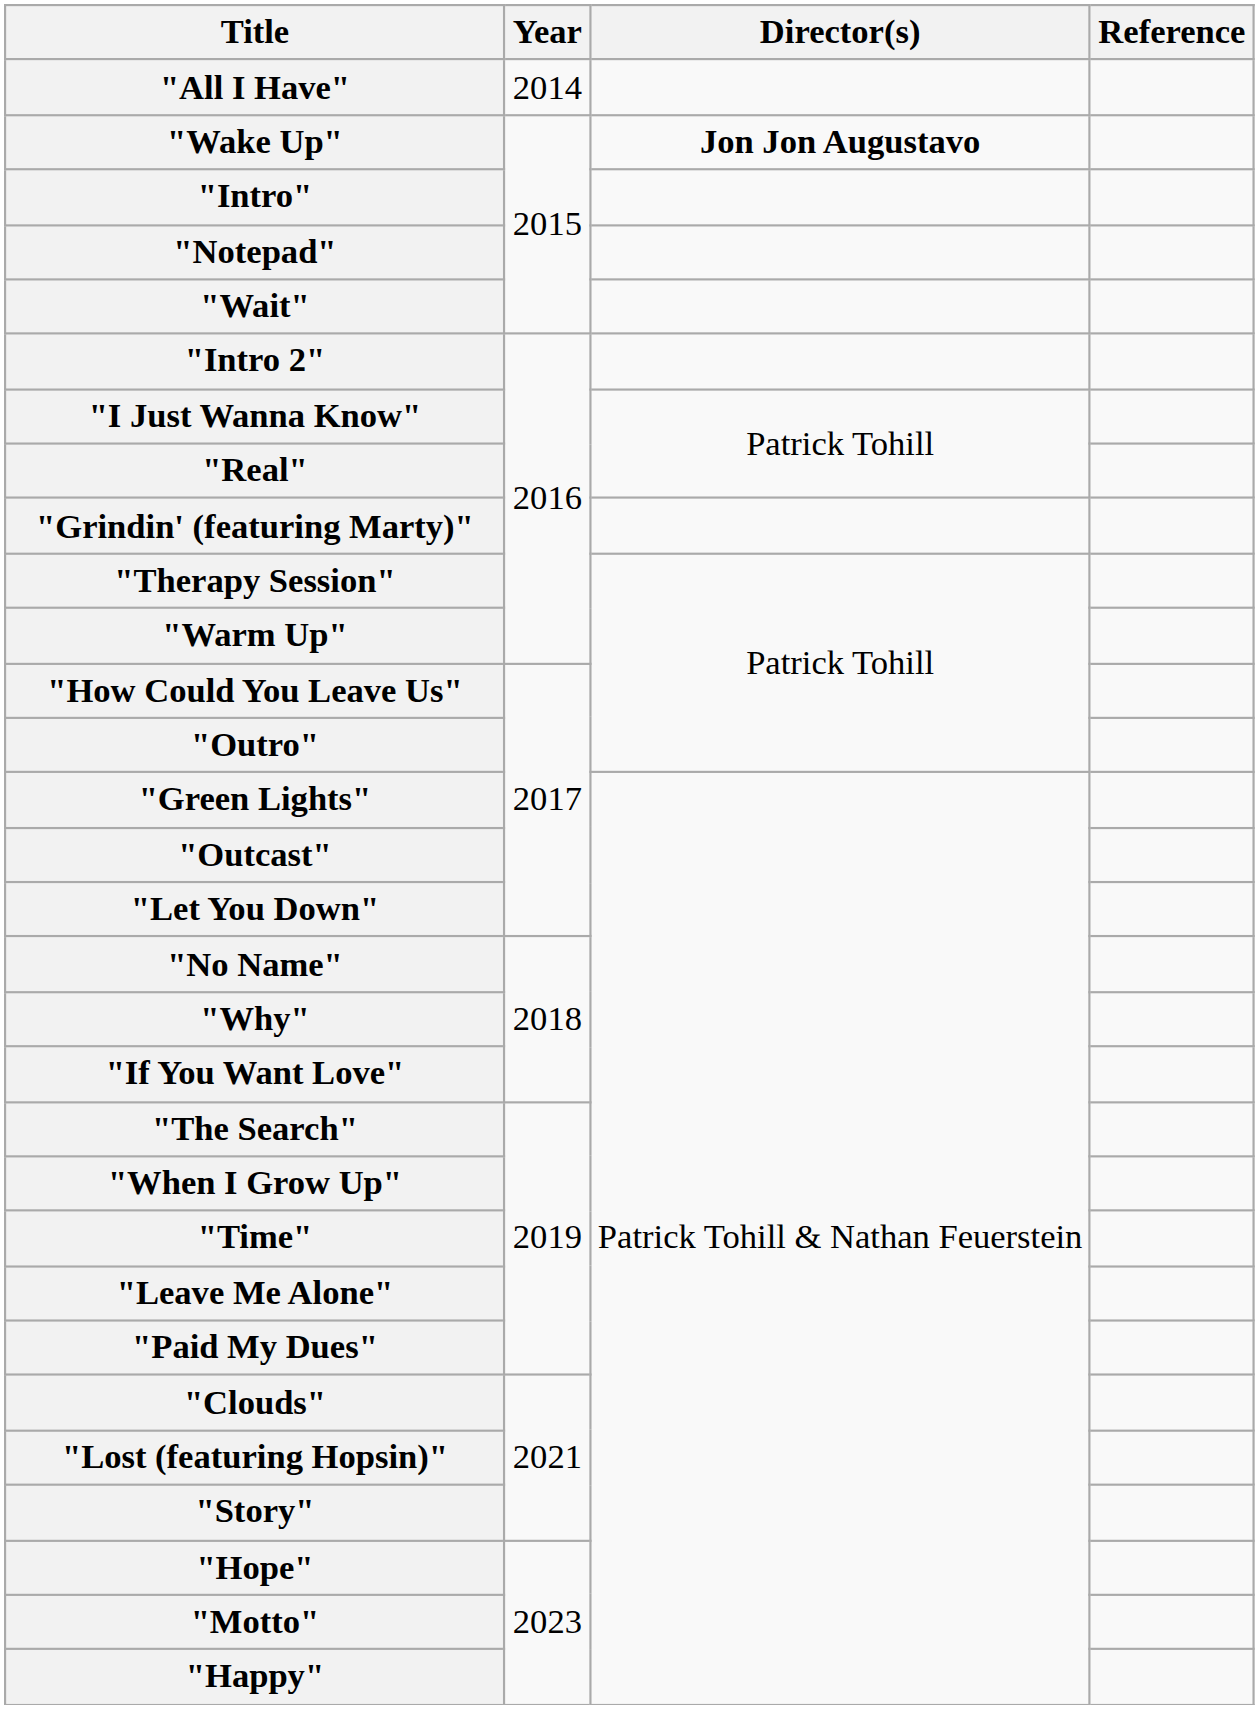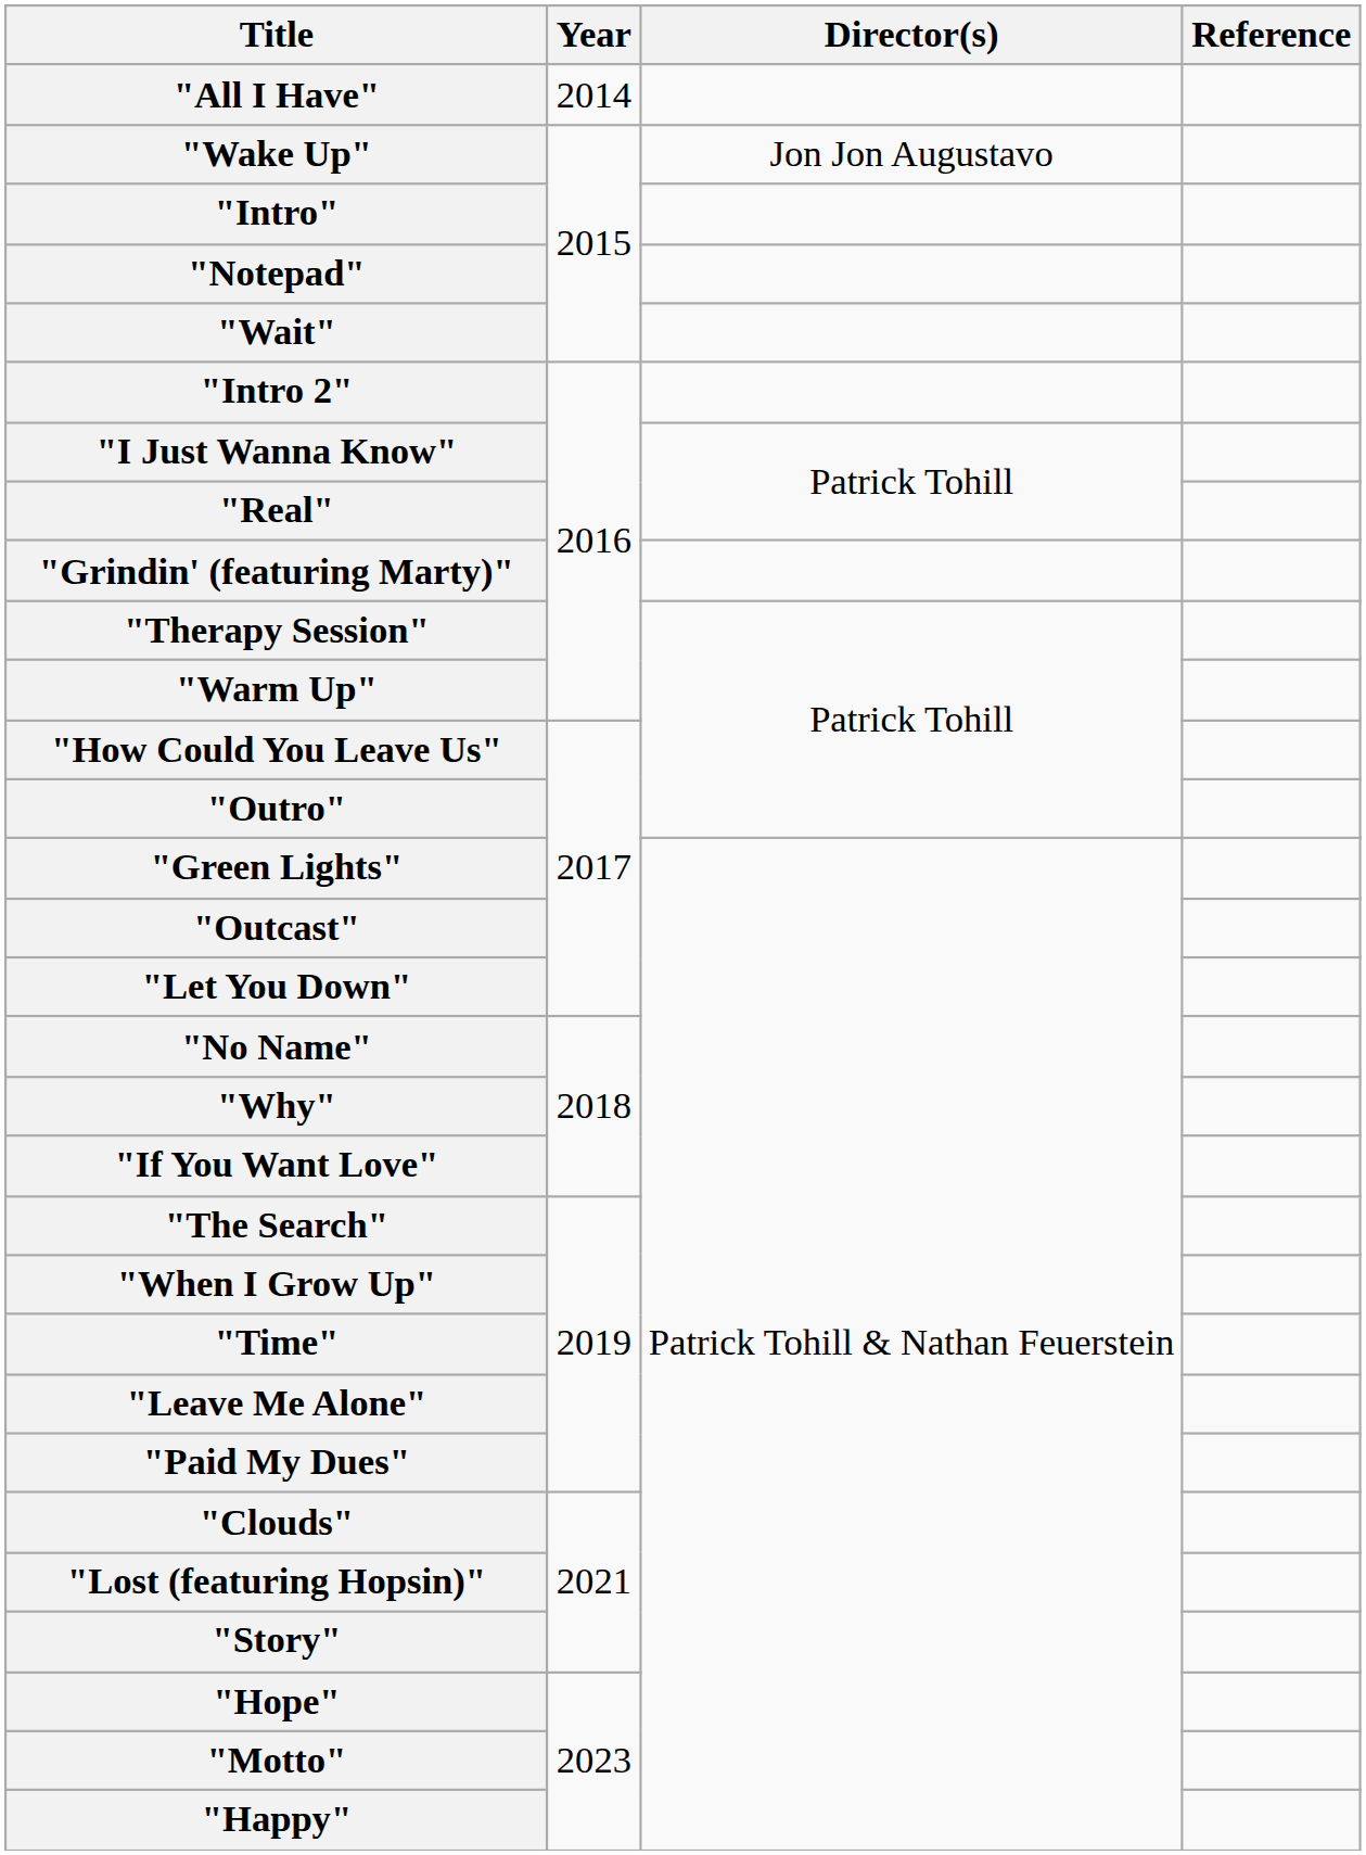 <table class="wikitable plainrowheaders" style="text-align:center;">
 <tr>
 <th scope="col" style="width:14em;">Title</th>
 <th scope="col">Year</th>
 <th scope="col">Director(s)</th>
 <th scope="col">Reference</th>
 </tr>
 <tr>
 <th scope="row">"All I Have"</th>
 <td>2014</td>
 <td></td>
 <td></td>
 </tr>
 <tr>
 <th scope="row">"Wake Up"</th>
 <td rowspan="4">2015</td>
-<td><strong>Jon Jon Augustavo</strong></td>
+<td>Jon Jon Augustavo</td>
 <td></td>
 </tr>
 <tr>
 <th scope="row">"Intro"</th>
 <td></td>
 <td></td>
 </tr>
 <tr>
 <th scope="row">"Notepad"</th>
 <td></td>
 <td></td>
 </tr>
 <tr>
 <th scope="row">"Wait"</th>
 <td></td>
 <td></td>
 </tr>
 <tr>
 <th scope="row">"Intro 2"</th>
 <td rowspan="6">2016</td>
 <td></td>
 <td></td>
 </tr>
 <tr>
 <th scope="row">"I Just Wanna Know"</th>
 <td rowspan="2">Patrick Tohill</td>
 <td></td>
 </tr>
 <tr>
 <th scope="row">"Real"</th>
 <td></td>
 </tr>
 <tr>
 <th scope="row">"Grindin' (featuring Marty)"</th>
 <td></td>
 <td></td>
 </tr>
 <tr>
 <th scope="row">"Therapy Session"</th>
 <td rowspan="4">Patrick Tohill</td>
 <td></td>
 </tr>
 <tr>
 <th scope="row">"Warm Up"</th>
 <td></td>
 </tr>
 <tr>
 <th scope="row">"How Could You Leave Us"</th>
 <td rowspan="5">2017</td>
 <td></td>
 </tr>
 <tr>
 <th scope="row">"Outro"</th>
 <td></td>
 </tr>
 <tr>
 <th scope="row">"Green Lights"</th>
 <td rowspan="17">Patrick Tohill & Nathan Feuerstein</td>
 <td></td>
 </tr>
 <tr>
 <th scope="row">"Outcast"</th>
 <td></td>
 </tr>
 <tr>
 <th scope="row">"Let You Down"</th>
 <td></td>
 </tr>
 <tr>
 <th scope="row">"No Name"</th>
 <td rowspan="3">2018</td>
 <td></td>
 </tr>
 <tr>
 <th scope="row">"Why"</th>
 <td></td>
 </tr>
 <tr>
 <th scope="row">"If You Want Love"</th>
 <td></td>
 </tr>
 <tr>
 <th scope="row">"The Search"</th>
 <td rowspan="5">2019</td>
 <td></td>
 </tr>
 <tr>
 <th scope="row">"When I Grow Up"</th>
 <td></td>
 </tr>
 <tr>
 <th scope="row">"Time"</th>
 <td></td>
 </tr>
 <tr>
 <th scope="row">"Leave Me Alone"</th>
 <td></td>
 </tr>
 <tr>
 <th scope="row">"Paid My Dues"</th>
 <td></td>
 </tr>
 <tr>
 <th scope="row">"Clouds"</th>
 <td rowspan="3">2021</td>
 <td></td>
 </tr>
 <tr>
 <th scope="row">"Lost (featuring Hopsin)"</th>
 <td></td>
 </tr>
 <tr>
 <th scope="row">"Story"</th>
 <td></td>
 </tr>
 <tr>
 <th scope="row">"Hope"</th>
 <td rowspan="3">2023</td>
 <td></td>
 </tr>
 <tr>
 <th scope="row">"Motto"</th>
 <td></td>
 </tr>
 <tr>
 <th scope="row">"Happy"</th>
 <td></td>
 </tr>
 </table>
